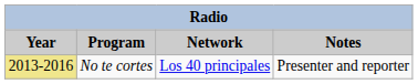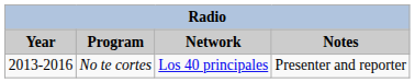 <table class="wikitable" style="font-size: 90%;">
 <tr>
 <th colspan=4 style="background:#B0C4DE;">Radio</th>
 </tr>
 <tr>
 <th style="background: #CCCCCC;">Year</th>
 <th style="background: #CCCCCC;">Program</th>
 <th style="background: #CCCCCC;">Network</th>
 <th style="background: #CCCCCC;">Notes</th>
 </tr>
 <tr>
-<td style="background: khaki;">2013-2016</td>
+<td>2013-2016</td>
 <td><em>No te cortes</em></td>
 <td><a href='#'>Los 40 principales</a></td>
 <td>Presenter and reporter</td>
 </tr>
 </table>
